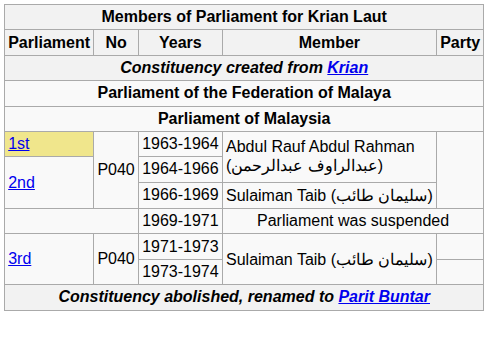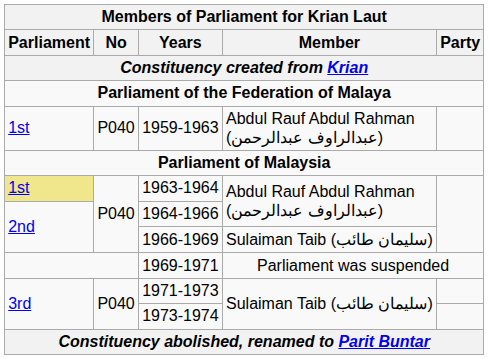 <table class=wikitable>
 <tr>
 <th colspan="5">Members of Parliament for Krian Laut</th>
 </tr>
 <tr>
 <th>Parliament</th>
 <th>No</th>
 <th>Years</th>
 <th>Member</th>
 <th>Party</th>
 </tr>
 <tr>
 <th colspan="5" align="center"><em>Constituency created from <a href='#'>Krian</a></em></th>
 </tr>
 <tr>
 <td colspan="5" align="center"><strong>Parliament of the Federation of Malaya</strong></td>
+</tr>
+<tr>
+<td><a href='#'>1st</a></td>
+<td>P040</td>
+<td>1959-1963</td>
+<td>Abdul Rauf Abdul Rahman <br> (عبدالراوف عبدالرحمن)</td>
+<td></td>
 </tr>
 <tr>
 <td colspan="5" align="center"><strong>Parliament of Malaysia</strong></td>
 </tr>
 <tr>
 <td style="background: khaki;"><a href='#'>1st</a></td>
 <td rowspan="3">P040</td>
 <td>1963-1964</td>
 <td rowspan=2>Abdul Rauf Abdul Rahman <br> (عبدالراوف عبدالرحمن)</td>
 <td rowspan=3></td>
 </tr>
 <tr>
 <td rowspan=2><a href='#'>2nd</a></td>
 <td>1964-1966</td>
 </tr>
 <tr>
 <td>1966-1969</td>
 <td>Sulaiman Taib (سليمان طائب)</td>
 </tr>
 <tr>
 <td colspan="2"></td>
 <td>1969-1971</td>
 <td colspan=2 align=center>Parliament was suspended</td>
 </tr>
 <tr>
 <td rowspan=2><a href='#'>3rd</a></td>
 <td rowspan="2">P040</td>
 <td>1971-1973</td>
 <td rowspan=2>Sulaiman Taib (سليمان طائب)</td>
 <td></td>
 </tr>
 <tr>
 <td>1973-1974</td>
 <td></td>
 </tr>
 <tr>
 <th colspan="5" align="center"><em>Constituency abolished, renamed to <a href='#'>Parit Buntar</a></em></th>
 </tr>
 </table>
